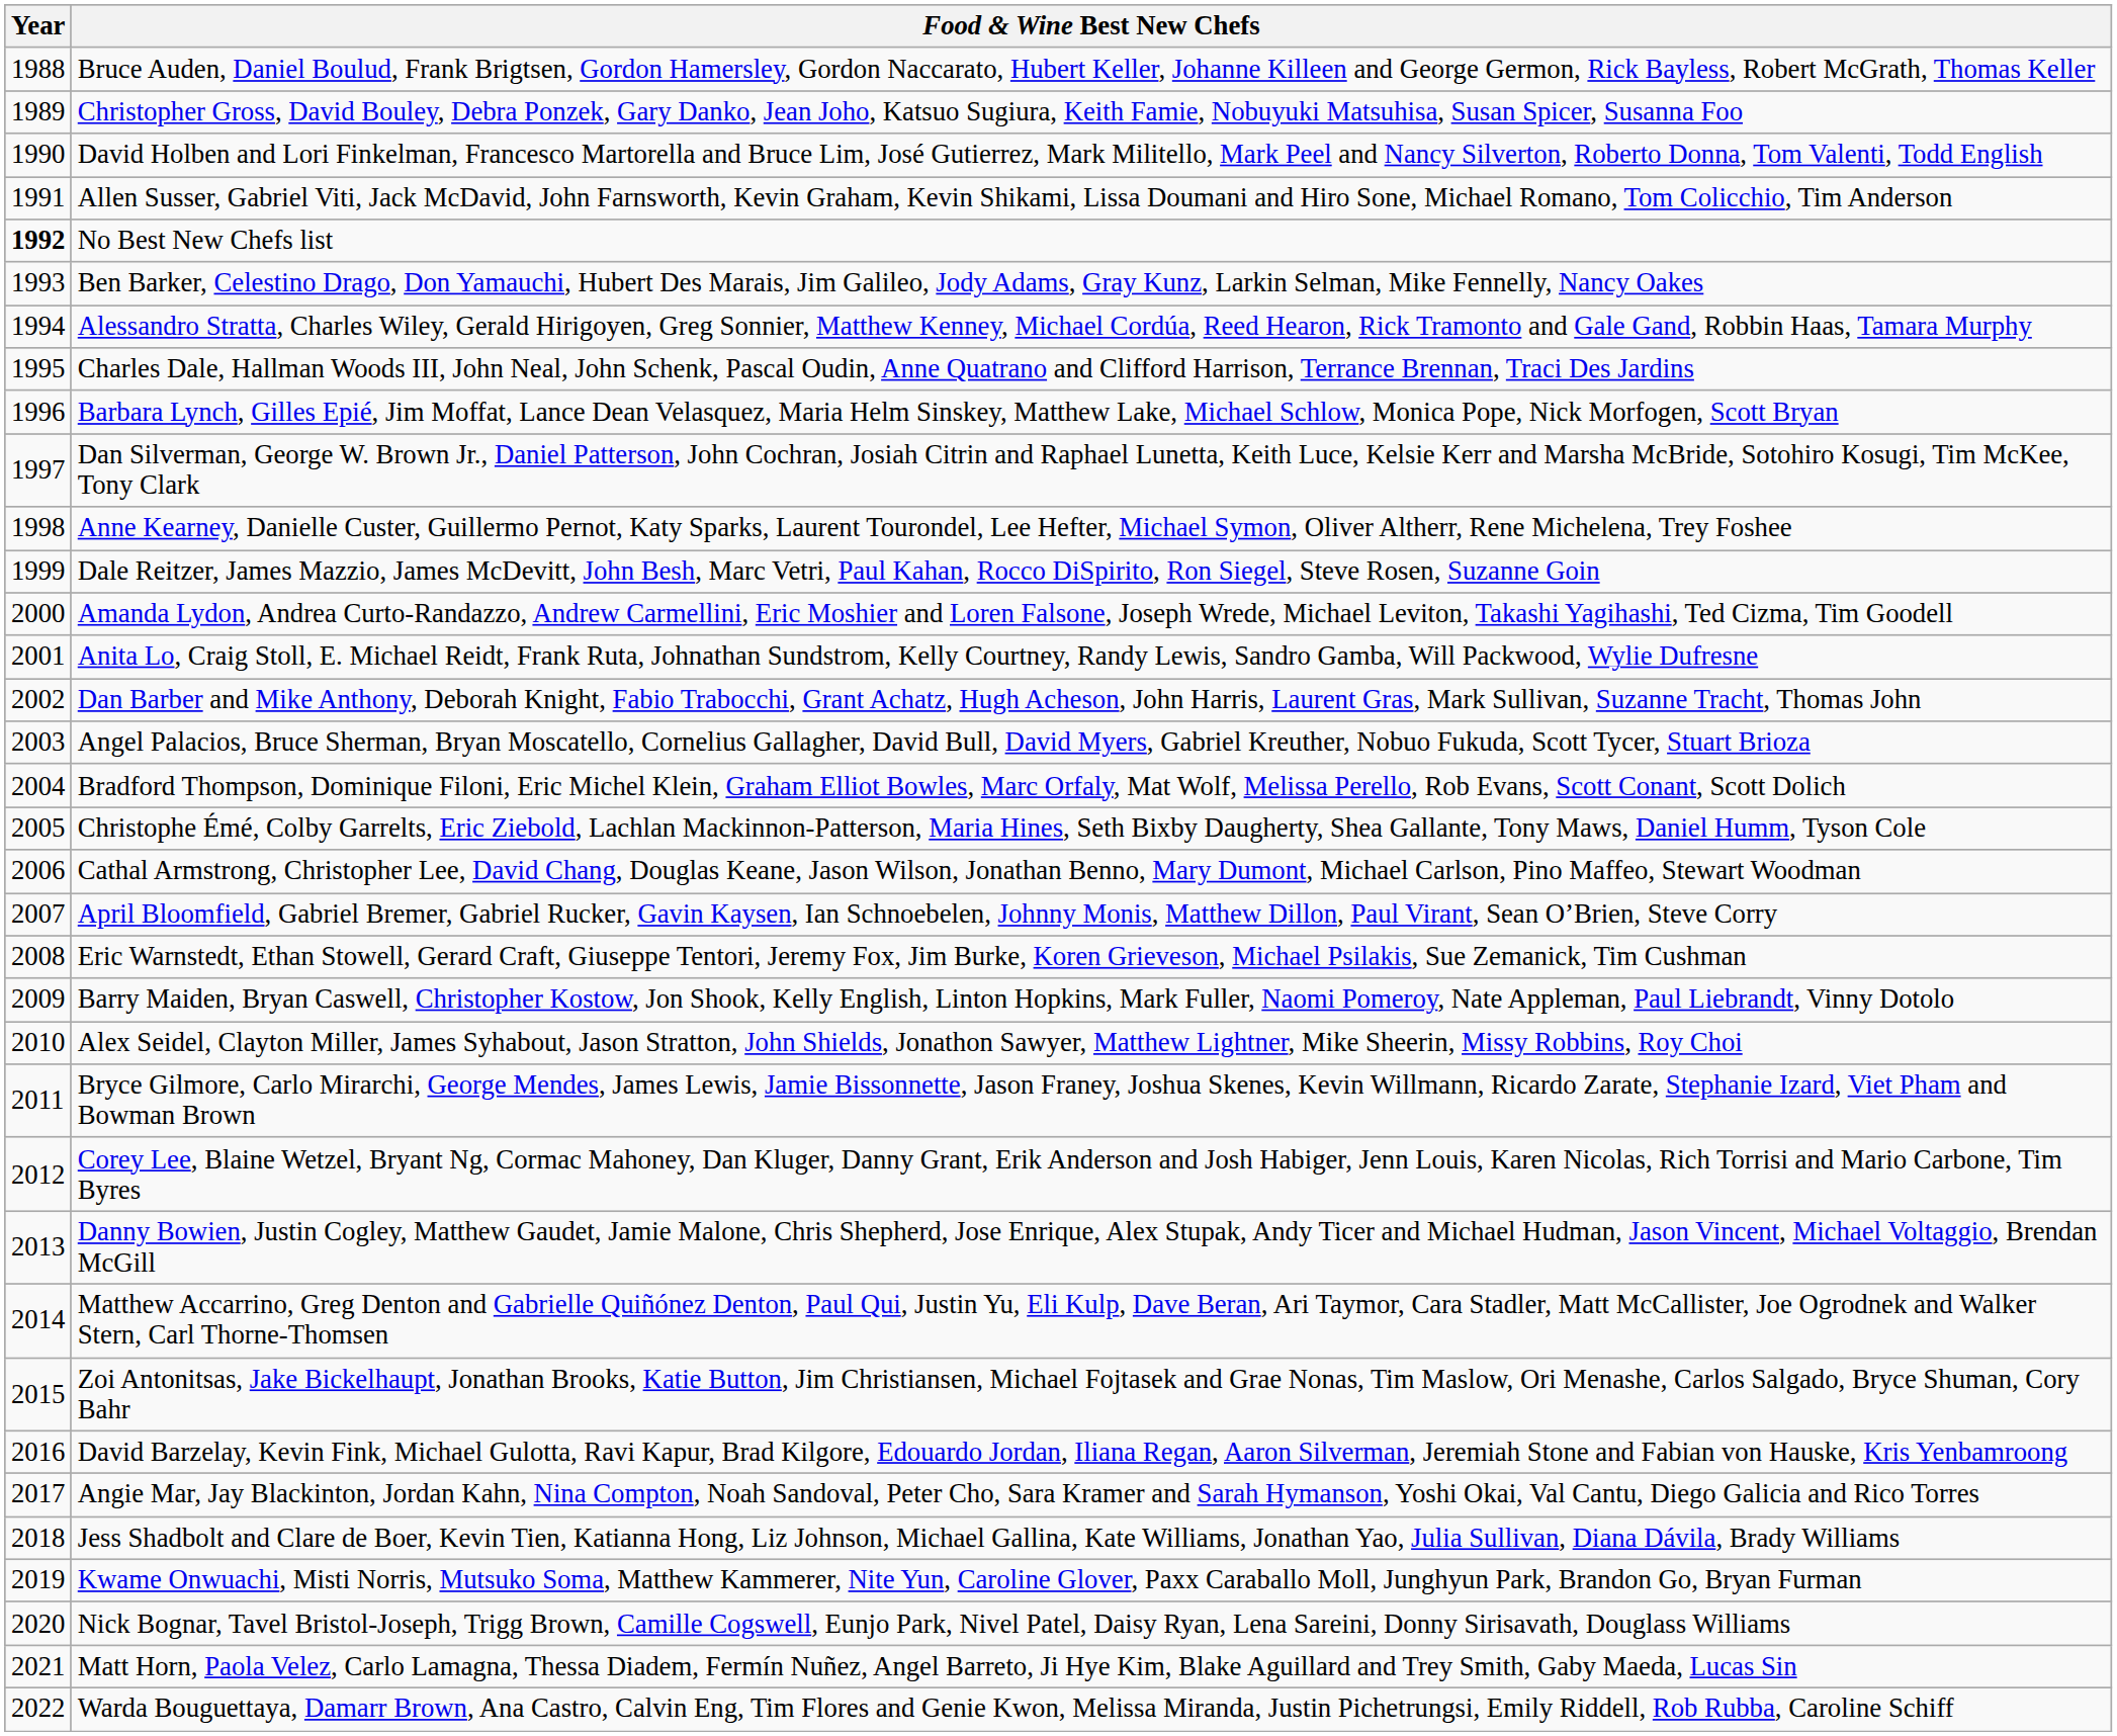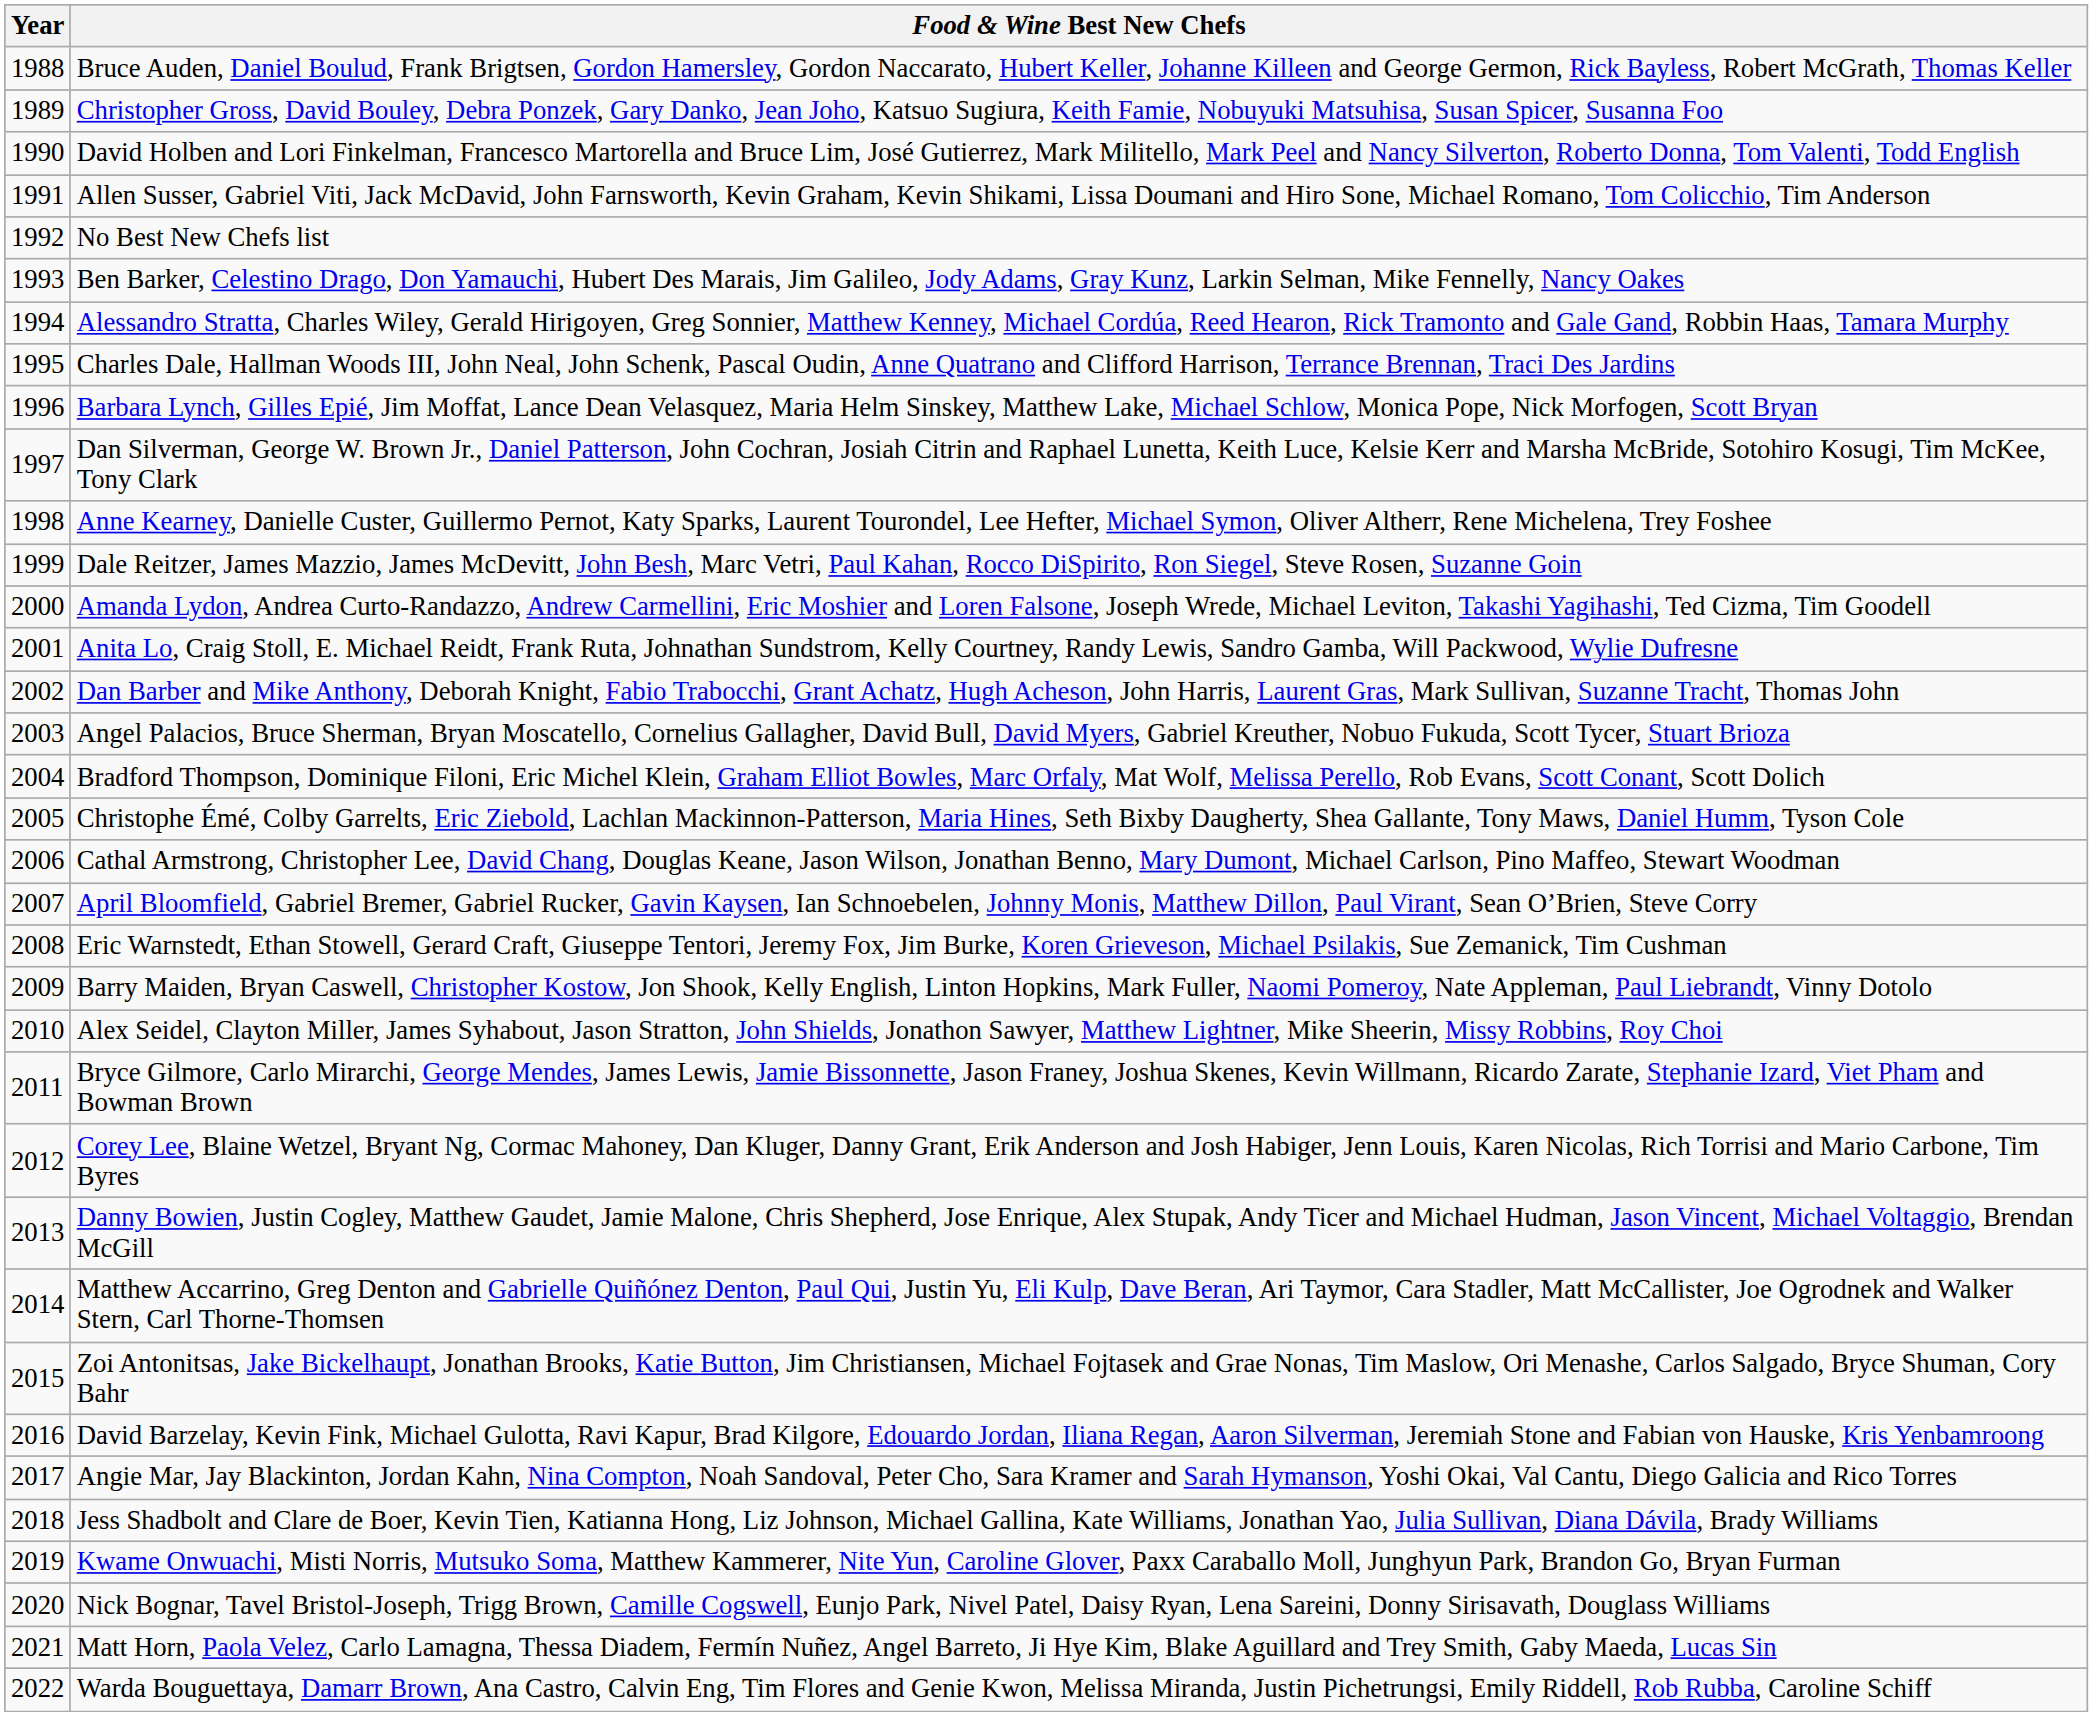 <table class="wikitable" mw-collapsible autocollapse>
 <tr>
 <th>Year</th>
 <th><em>Food & Wine</em> Best New Chefs</th>
 </tr>
 <tr>
 <td>1988</td>
 <td>Bruce Auden, <a href='#'>Daniel Boulud</a>, Frank Brigtsen, <a href='#'>Gordon Hamersley</a>, Gordon Naccarato, <a href='#'>Hubert Keller</a>, <a href='#'>Johanne Killeen</a> and George Germon, <a href='#'>Rick Bayless</a>, Robert McGrath, <a href='#'>Thomas Keller</a></td>
 </tr>
 <tr>
 <td>1989</td>
 <td><a href='#'>Christopher Gross</a>, <a href='#'>David Bouley</a>, <a href='#'>Debra Ponzek</a>, <a href='#'>Gary Danko</a>, <a href='#'>Jean Joho</a>, Katsuo Sugiura, <a href='#'>Keith Famie</a>, <a href='#'>Nobuyuki Matsuhisa</a>, <a href='#'>Susan Spicer</a>, <a href='#'>Susanna Foo</a></td>
 </tr>
 <tr>
 <td>1990</td>
 <td>David Holben and Lori Finkelman, Francesco Martorella and Bruce Lim, José Gutierrez, Mark Militello, <a href='#'>Mark Peel</a> and <a href='#'>Nancy Silverton</a>, <a href='#'>Roberto Donna</a>, <a href='#'>Tom Valenti</a>, <a href='#'>Todd English</a></td>
 </tr>
 <tr>
 <td>1991</td>
 <td>Allen Susser, Gabriel Viti, Jack McDavid, John Farnsworth, Kevin Graham, Kevin Shikami, Lissa Doumani and Hiro Sone, Michael Romano, <a href='#'>Tom Colicchio</a>, Tim Anderson</td>
 </tr>
 <tr>
-<td><strong>1992</strong></td>
+<td>1992</td>
 <td>No Best New Chefs list</td>
 </tr>
 <tr>
 <td>1993</td>
 <td>Ben Barker, <a href='#'>Celestino Drago</a>, <a href='#'>Don Yamauchi</a>, Hubert Des Marais, Jim Galileo, <a href='#'>Jody Adams</a>, <a href='#'>Gray Kunz</a>, Larkin Selman, Mike Fennelly, <a href='#'>Nancy Oakes</a></td>
 </tr>
 <tr>
 <td>1994</td>
 <td><a href='#'>Alessandro Stratta</a>, Charles Wiley, Gerald Hirigoyen, Greg Sonnier, <a href='#'>Matthew Kenney</a>, <a href='#'>Michael Cordúa</a>, <a href='#'>Reed Hearon</a>, <a href='#'>Rick Tramonto</a> and <a href='#'>Gale Gand</a>, Robbin Haas, <a href='#'>Tamara Murphy</a></td>
 </tr>
 <tr>
 <td>1995</td>
 <td>Charles Dale, Hallman Woods III, John Neal, John Schenk, Pascal Oudin, <a href='#'>Anne Quatrano</a> and Clifford Harrison, <a href='#'>Terrance Brennan</a>, <a href='#'>Traci Des Jardins</a></td>
 </tr>
 <tr>
 <td>1996</td>
 <td><a href='#'>Barbara Lynch</a>, <a href='#'>Gilles Epié</a>, Jim Moffat, Lance Dean Velasquez, Maria Helm Sinskey, Matthew Lake, <a href='#'>Michael Schlow</a>, Monica Pope, Nick Morfogen, <a href='#'>Scott Bryan</a></td>
 </tr>
 <tr>
 <td>1997</td>
 <td>Dan Silverman, George W. Brown Jr., <a href='#'>Daniel Patterson</a>, John Cochran, Josiah Citrin and Raphael Lunetta, Keith Luce, Kelsie Kerr and Marsha McBride, Sotohiro Kosugi, Tim McKee, Tony Clark</td>
 </tr>
 <tr>
 <td>1998</td>
 <td><a href='#'>Anne Kearney</a>, Danielle Custer, Guillermo Pernot, Katy Sparks, Laurent Tourondel, Lee Hefter, <a href='#'>Michael Symon</a>, Oliver Altherr, Rene Michelena, Trey Foshee</td>
 </tr>
 <tr>
 <td>1999</td>
 <td>Dale Reitzer, James Mazzio, James McDevitt, <a href='#'>John Besh</a>, Marc Vetri, <a href='#'>Paul Kahan</a>, <a href='#'>Rocco DiSpirito</a>, <a href='#'>Ron Siegel</a>, Steve Rosen, <a href='#'>Suzanne Goin</a></td>
 </tr>
 <tr>
 <td>2000</td>
 <td><a href='#'>Amanda Lydon</a>, Andrea Curto-Randazzo, <a href='#'>Andrew Carmellini</a>, <a href='#'>Eric Moshier</a> and <a href='#'>Loren Falsone</a>, Joseph Wrede, Michael Leviton, <a href='#'>Takashi Yagihashi</a>, Ted Cizma, Tim Goodell</td>
 </tr>
 <tr>
 <td>2001</td>
 <td><a href='#'>Anita Lo</a>, Craig Stoll, E. Michael Reidt, Frank Ruta, Johnathan Sundstrom, Kelly Courtney, Randy Lewis, Sandro Gamba, Will Packwood, <a href='#'>Wylie Dufresne</a></td>
 </tr>
 <tr>
 <td>2002</td>
 <td><a href='#'>Dan Barber</a> and <a href='#'>Mike Anthony</a>, Deborah Knight, <a href='#'>Fabio Trabocchi</a>, <a href='#'>Grant Achatz</a>, <a href='#'>Hugh Acheson</a>, John Harris, <a href='#'>Laurent Gras</a>, Mark Sullivan, <a href='#'>Suzanne Tracht</a>, Thomas John</td>
 </tr>
 <tr>
 <td>2003</td>
 <td>Angel Palacios, Bruce Sherman, Bryan Moscatello, Cornelius Gallagher, David Bull, <a href='#'>David Myers</a>, Gabriel Kreuther, Nobuo Fukuda, Scott Tycer, <a href='#'>Stuart Brioza</a></td>
 </tr>
 <tr>
 <td>2004</td>
 <td>Bradford Thompson, Dominique Filoni, Eric Michel Klein, <a href='#'>Graham Elliot Bowles</a>, <a href='#'>Marc Orfaly</a>, Mat Wolf, <a href='#'>Melissa Perello</a>, Rob Evans, <a href='#'>Scott Conant</a>, Scott Dolich</td>
 </tr>
 <tr>
 <td>2005</td>
 <td>Christophe Émé, Colby Garrelts, <a href='#'>Eric Ziebold</a>, Lachlan Mackinnon-Patterson, <a href='#'>Maria Hines</a>, Seth Bixby Daugherty, Shea Gallante, Tony Maws, <a href='#'>Daniel Humm</a>, Tyson Cole</td>
 </tr>
 <tr>
 <td>2006</td>
 <td>Cathal Armstrong, Christopher Lee, <a href='#'>David Chang</a>, Douglas Keane, Jason Wilson, Jonathan Benno, <a href='#'>Mary Dumont</a>, Michael Carlson, Pino Maffeo, Stewart Woodman</td>
 </tr>
 <tr>
 <td>2007</td>
 <td><a href='#'>April Bloomfield</a>, Gabriel Bremer, Gabriel Rucker, <a href='#'>Gavin Kaysen</a>, Ian Schnoebelen, <a href='#'>Johnny Monis</a>, <a href='#'>Matthew Dillon</a>, <a href='#'>Paul Virant</a>, Sean O’Brien, Steve Corry</td>
 </tr>
 <tr>
 <td>2008</td>
 <td>Eric Warnstedt, Ethan Stowell, Gerard Craft, Giuseppe Tentori, Jeremy Fox, Jim Burke, <a href='#'>Koren Grieveson</a>, <a href='#'>Michael Psilakis</a>, Sue Zemanick, Tim Cushman</td>
 </tr>
 <tr>
 <td>2009</td>
 <td>Barry Maiden, Bryan Caswell, <a href='#'>Christopher Kostow</a>, Jon Shook, Kelly English, Linton Hopkins, Mark Fuller, <a href='#'>Naomi Pomeroy</a>, Nate Appleman, <a href='#'>Paul Liebrandt</a>, Vinny Dotolo</td>
 </tr>
 <tr>
 <td>2010</td>
 <td>Alex Seidel, Clayton Miller, James Syhabout, Jason Stratton, <a href='#'>John Shields</a>, Jonathon Sawyer, <a href='#'>Matthew Lightner</a>, Mike Sheerin, <a href='#'>Missy Robbins</a>, <a href='#'>Roy Choi</a></td>
 </tr>
 <tr>
 <td>2011</td>
 <td>Bryce Gilmore, Carlo Mirarchi, <a href='#'>George Mendes</a>, James Lewis, <a href='#'>Jamie Bissonnette</a>, Jason Franey, Joshua Skenes, Kevin Willmann, Ricardo Zarate, <a href='#'>Stephanie Izard</a>, <a href='#'>Viet Pham</a> and Bowman Brown</td>
 </tr>
 <tr>
 <td>2012</td>
 <td><a href='#'>Corey Lee</a>, Blaine Wetzel, Bryant Ng, Cormac Mahoney, Dan Kluger, Danny Grant, Erik Anderson and Josh Habiger, Jenn Louis, Karen Nicolas, Rich Torrisi and Mario Carbone, Tim Byres</td>
 </tr>
 <tr>
 <td>2013</td>
 <td><a href='#'>Danny Bowien</a>, Justin Cogley, Matthew Gaudet, Jamie Malone, Chris Shepherd, Jose Enrique, Alex Stupak, Andy Ticer and Michael Hudman, <a href='#'>Jason Vincent</a>, <a href='#'>Michael Voltaggio</a>, Brendan McGill</td>
 </tr>
 <tr>
 <td>2014</td>
 <td>Matthew Accarrino, Greg Denton and <a href='#'>Gabrielle Quiñónez Denton</a>, <a href='#'>Paul Qui</a>, Justin Yu, <a href='#'>Eli Kulp</a>, <a href='#'>Dave Beran</a>, Ari Taymor, Cara Stadler, Matt McCallister, Joe Ogrodnek and Walker Stern, Carl Thorne-Thomsen</td>
 </tr>
 <tr>
 <td>2015</td>
 <td>Zoi Antonitsas, <a href='#'>Jake Bickelhaupt</a>, Jonathan Brooks, <a href='#'>Katie Button</a>, Jim Christiansen, Michael Fojtasek and Grae Nonas, Tim Maslow, Ori Menashe, Carlos Salgado, Bryce Shuman, Cory Bahr</td>
 </tr>
 <tr>
 <td>2016</td>
 <td>David Barzelay, Kevin Fink, Michael Gulotta, Ravi Kapur, Brad Kilgore, <a href='#'>Edouardo Jordan</a>, <a href='#'>Iliana Regan</a>, <a href='#'>Aaron Silverman</a>, Jeremiah Stone and Fabian von Hauske, <a href='#'>Kris Yenbamroong</a></td>
 </tr>
 <tr>
 <td>2017</td>
 <td>Angie Mar, Jay Blackinton, Jordan Kahn, <a href='#'>Nina Compton</a>, Noah Sandoval, Peter Cho, Sara Kramer and <a href='#'>Sarah Hymanson</a>, Yoshi Okai, Val Cantu, Diego Galicia and Rico Torres</td>
 </tr>
 <tr>
 <td>2018</td>
 <td>Jess Shadbolt and Clare de Boer, Kevin Tien, Katianna Hong, Liz Johnson, Michael Gallina, Kate Williams, Jonathan Yao, <a href='#'>Julia Sullivan</a>, <a href='#'>Diana Dávila</a>, Brady Williams</td>
 </tr>
 <tr>
 <td>2019</td>
 <td><a href='#'>Kwame Onwuachi</a>, Misti Norris, <a href='#'>Mutsuko Soma</a>, Matthew Kammerer, <a href='#'>Nite Yun</a>, <a href='#'>Caroline Glover</a>, Paxx Caraballo Moll, Junghyun Park, Brandon Go, Bryan Furman</td>
 </tr>
 <tr>
 <td>2020</td>
 <td>Nick Bognar, Tavel Bristol-Joseph, Trigg Brown, <a href='#'>Camille Cogswell</a>, Eunjo Park, Nivel Patel, Daisy Ryan, Lena Sareini, Donny Sirisavath, Douglass Williams</td>
 </tr>
 <tr>
 <td>2021</td>
 <td>Matt Horn, <a href='#'>Paola Velez</a>, Carlo Lamagna, Thessa Diadem, Fermín Nuñez, Angel Barreto, Ji Hye Kim, Blake Aguillard and Trey Smith, Gaby Maeda, <a href='#'>Lucas Sin</a></td>
 </tr>
 <tr>
 <td>2022</td>
 <td>Warda Bouguettaya, <a href='#'>Damarr Brown</a>, Ana Castro, Calvin Eng, Tim Flores and Genie Kwon, Melissa Miranda, Justin Pichetrungsi, Emily Riddell, <a href='#'>Rob Rubba</a>, Caroline Schiff</td>
 </tr>
 </table>
